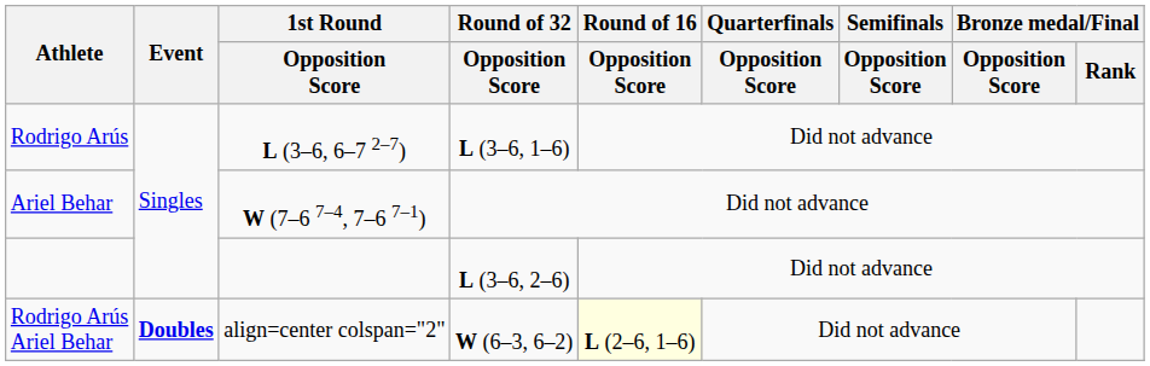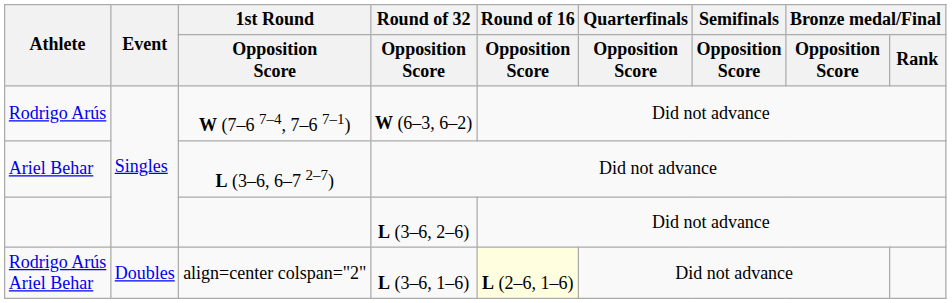 <table class="wikitable" border="1" style="font-size:90%">
 <tr>
 <th rowspan=2>Athlete</th>
 <th rowspan=2>Event</th>
 <th>1st Round</th>
 <th>Round of 32</th>
 <th>Round of 16</th>
 <th>Quarterfinals</th>
 <th>Semifinals</th>
 <th colspan=2>Bronze medal/Final</th>
 </tr>
 <tr>
 <th>Opposition<br>Score</th>
 <th>Opposition<br>Score</th>
 <th>Opposition<br>Score</th>
 <th>Opposition<br>Score</th>
 <th>Opposition<br>Score</th>
 <th>Opposition<br>Score</th>
 <th>Rank</th>
 </tr>
 <tr>
 <td><a href='#'>Rodrigo Arús</a></td>
 <td rowspan="3"><a href='#'>Singles</a></td>
-<td align=center><br><strong>L</strong> (3–6, 6–7 <sup>2–7</sup>)</td>
-<td align=center><br><strong>L</strong> (3–6, 1–6)</td>
+<td align=center><br><strong>W</strong> (7–6 <sup>7–4</sup>, 7–6 <sup>7–1</sup>)</td>
+<td align=center><br><strong>W</strong> (6–3, 6–2)</td>
 <td align=center colspan="5">Did not advance</td>
 </tr>
 <tr>
 <td><a href='#'>Ariel Behar</a></td>
-<td align=center><br><strong>W</strong> (7–6 <sup>7–4</sup>, 7–6 <sup>7–1</sup>)</td>
+<td align=center><br><strong>L</strong> (3–6, 6–7 <sup>2–7</sup>)</td>
 <td align=center colspan="6">Did not advance</td>
 </tr>
 <tr>
 <td></td>
 <td></td>
 <td align=center><br><strong>L</strong> (3–6, 2–6)</td>
 <td align=center colspan="5">Did not advance</td>
 </tr>
 <tr>
 <td><a href='#'>Rodrigo Arús</a><br><a href='#'>Ariel Behar</a></td>
-<td><strong><a href='#'>Doubles</a></strong></td>
+<td><a href='#'>Doubles</a></td>
 <td>align=center colspan="2" </td>
-<td align=center><br><strong>W</strong> (6–3, 6–2)</td>
+<td align=center><br><strong>L</strong> (3–6, 1–6)</td>
 <td align=center style="background: lightyellow;"><br><strong>L</strong> (2–6, 1–6)</td>
 <td align=center colspan="3">Did not advance</td>
 </tr>
 </table>
